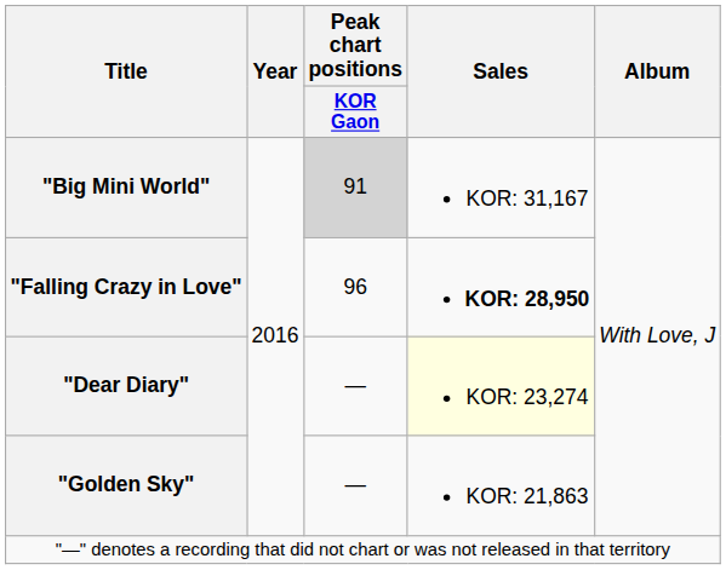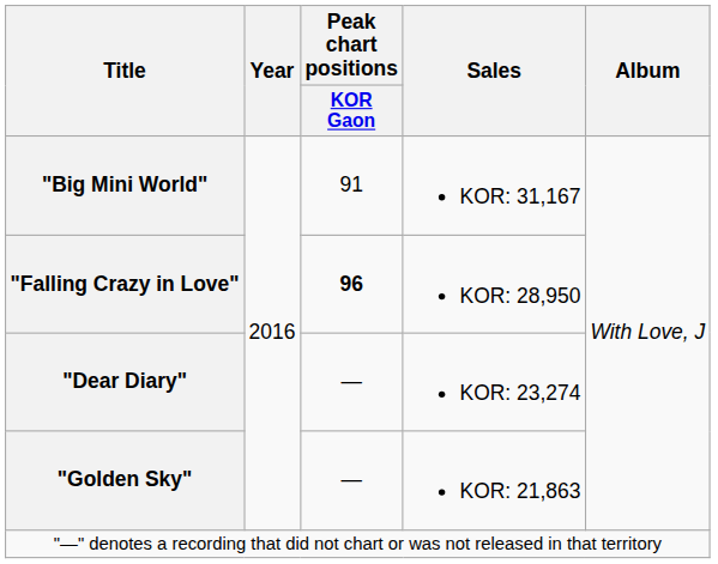 <table class="wikitable plainrowheaders" style="text-align:center">
 <tr>
 <th scope="col" rowspan="2">Title</th>
 <th scope="col" rowspan="2">Year</th>
 <th scope="col">Peak chart<br>positions</th>
 <th scope="col" rowspan="2">Sales</th>
 <th scope="col" rowspan="2">Album</th>
 </tr>
 <tr>
 <th style="font-size:90%; width:3em"><a href='#'>KOR<br>Gaon</a><br></th>
 </tr>
 <tr>
 <th scope="row">"Big Mini World"</th>
 <td rowspan="4">2016</td>
-<td style="background: lightgrey;">91</td>
+<td>91</td>
 <td><br><ul><li>KOR: 31,167</li></ul></td>
 <td rowspan="4"><em>With Love, J</em></td>
 </tr>
 <tr>
 <th scope="row">"Falling Crazy in Love"</th>
-<td>96</td>
-<td><strong><br><ul><li>KOR: 28,950</li></ul></strong></td>
+<td><strong>96</strong></td>
+<td><br><ul><li>KOR: 28,950</li></ul></td>
 </tr>
 <tr>
 <th scope="row">"Dear Diary"</th>
 <td>—</td>
-<td style="background: lightyellow;"><br><ul><li>KOR: 23,274</li></ul></td>
+<td><br><ul><li>KOR: 23,274</li></ul></td>
 </tr>
 <tr>
 <th scope="row">"Golden Sky"</th>
 <td>—</td>
 <td><br><ul><li>KOR: 21,863</li></ul></td>
 </tr>
 <tr>
 <td colspan="5" style="font-size:85%">"—" denotes a recording that did not chart or was not released in that territory</td>
 </tr>
 </table>
